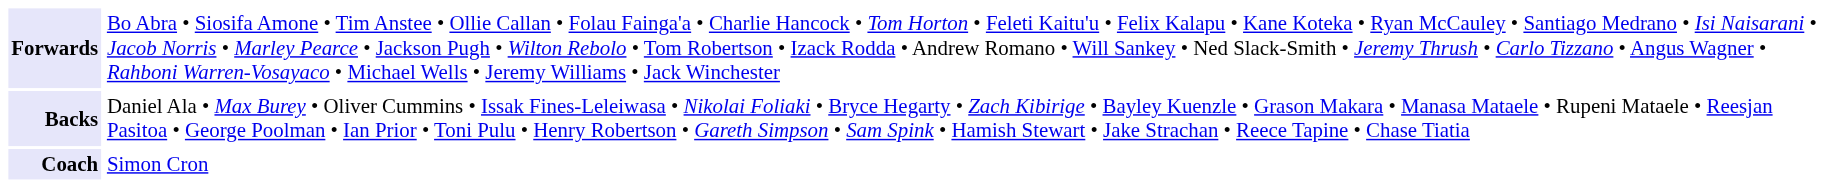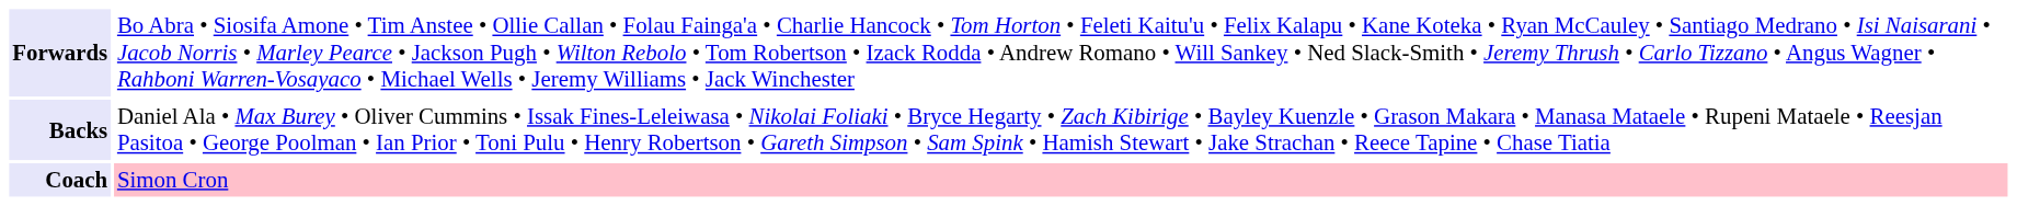 <table cellpadding="2" style="border: 1px solid white; font-size:90%;">
 <tr>
 <td style="text-align:right;" bgcolor="lavender"><strong>Forwards</strong></td>
 <td style="text-align:left;"><a href='#'>Bo Abra</a> • <a href='#'>Siosifa Amone</a> • <a href='#'>Tim Anstee</a> • <a href='#'>Ollie Callan</a> • <a href='#'>Folau Fainga'a</a> • <a href='#'>Charlie Hancock</a> • <em><a href='#'>Tom Horton</a></em> • <a href='#'>Feleti Kaitu'u</a> • <a href='#'>Felix Kalapu</a> • <a href='#'>Kane Koteka</a> • <a href='#'>Ryan McCauley</a> • <a href='#'>Santiago Medrano</a> • <em><a href='#'>Isi Naisarani</a></em> • <em><a href='#'>Jacob Norris</a></em> • <em><a href='#'>Marley Pearce</a></em> • <a href='#'>Jackson Pugh</a> • <em><a href='#'>Wilton Rebolo</a></em> • <a href='#'>Tom Robertson</a> • <a href='#'>Izack Rodda</a> • Andrew Romano • <a href='#'>Will Sankey</a> • Ned Slack-Smith • <em><a href='#'>Jeremy Thrush</a></em> • <em><a href='#'>Carlo Tizzano</a></em> • <a href='#'>Angus Wagner</a> • <em><a href='#'>Rahboni Warren-Vosayaco</a></em> • <a href='#'>Michael Wells</a> • <a href='#'>Jeremy Williams</a> • <a href='#'>Jack Winchester</a></td>
 </tr>
 <tr>
 <td style="text-align:right;" bgcolor="lavender"><strong>Backs</strong></td>
 <td style="text-align:left;">Daniel Ala • <em><a href='#'>Max Burey</a></em> • Oliver Cummins • <a href='#'>Issak Fines-Leleiwasa</a> • <em><a href='#'>Nikolai Foliaki</a></em> • <a href='#'>Bryce Hegarty</a> • <em><a href='#'>Zach Kibirige</a></em> • <a href='#'>Bayley Kuenzle</a> • <a href='#'>Grason Makara</a> • <a href='#'>Manasa Mataele</a> • Rupeni Mataele • <a href='#'>Reesjan Pasitoa</a> • <a href='#'>George Poolman</a> • <a href='#'>Ian Prior</a> • <a href='#'>Toni Pulu</a> • <a href='#'>Henry Robertson</a> • <em><a href='#'>Gareth Simpson</a></em> • <em><a href='#'>Sam Spink</a></em> • <a href='#'>Hamish Stewart</a> • <a href='#'>Jake Strachan</a> • <a href='#'>Reece Tapine</a> • <a href='#'>Chase Tiatia</a></td>
 </tr>
 <tr>
 <td style="text-align:right;" bgcolor="lavender"><strong>Coach</strong></td>
-<td style="text-align:left;"><a href='#'>Simon Cron</a></td>
+<td style="background: pink; text-align:left;"><a href='#'>Simon Cron</a></td>
 </tr>
 </table>
